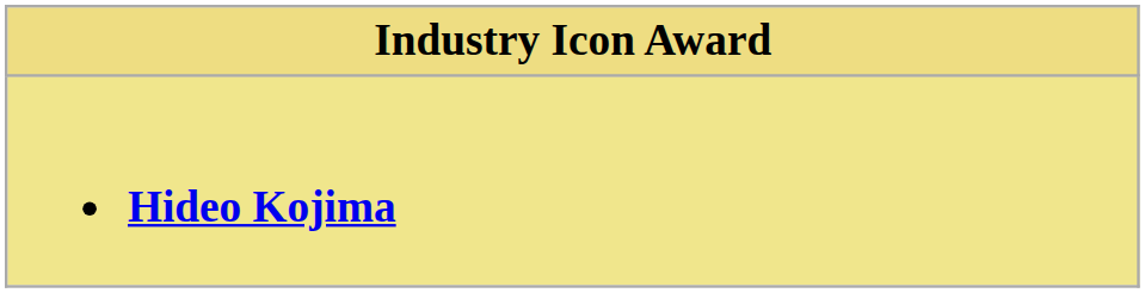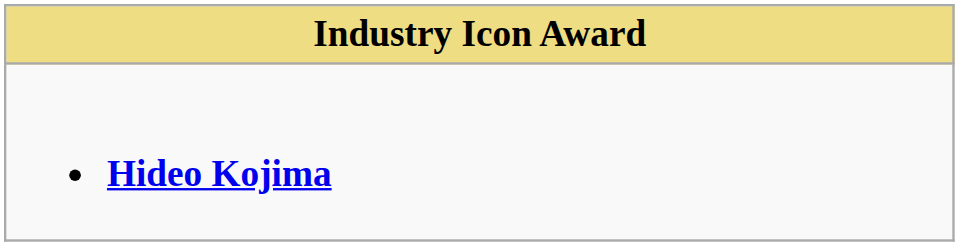 <table class=wikitable>
 <tr>
 <th style="background:#EEDD82; width:25em;">Industry Icon Award</th>
 </tr>
 <tr>
-<td valign="top" style="background: khaki;"><br><ul><li><strong><a href='#'>Hideo Kojima</a></strong></li></ul></td>
+<td valign="top"><br><ul><li><strong><a href='#'>Hideo Kojima</a></strong></li></ul></td>
 </tr>
 </table>
